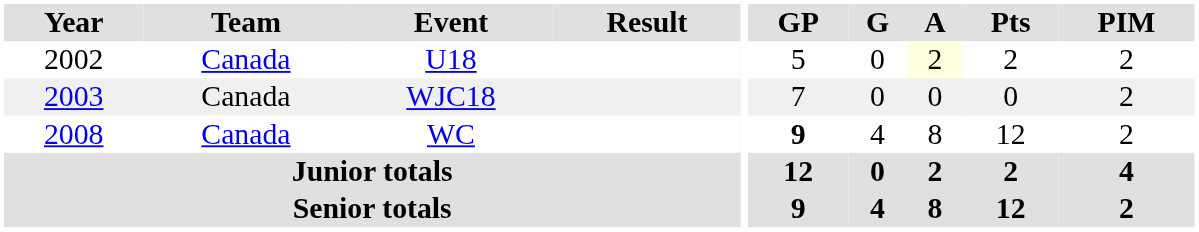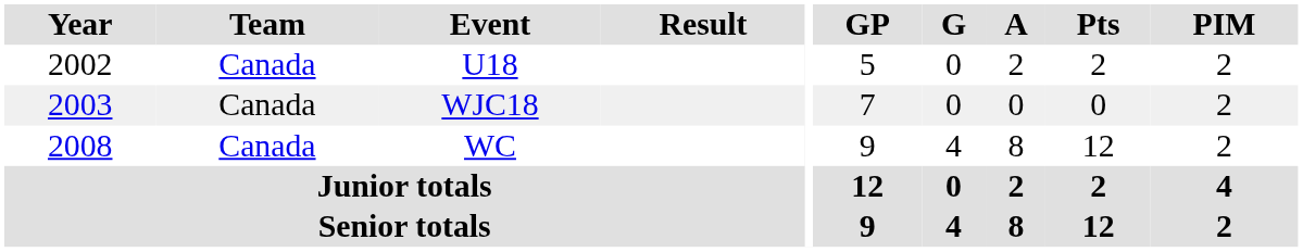 <table border="0" cellpadding="1" cellspacing="0" ID="Table3" style="text-align:center; width:40em">
 <tr ALIGN="centre" bgcolor="#e0e0e0">
 <th>Year</th>
 <th>Team</th>
 <th>Event</th>
 <th>Result</th>
 <th rowspan="99" bgcolor="#ffffff"></th>
 <th>GP</th>
 <th>G</th>
 <th>A</th>
 <th>Pts</th>
 <th>PIM</th>
 </tr>
 <tr>
 <td>2002</td>
 <td><a href='#'>Canada</a></td>
 <td><a href='#'>U18</a></td>
 <td></td>
 <td>5</td>
 <td>0</td>
-<td style="background: lightyellow;">2</td>
+<td>2</td>
 <td>2</td>
 <td>2</td>
 </tr>
 <tr bgcolor="#f0f0f0">
 <td><a href='#'>2003</a></td>
 <td>Canada</td>
 <td><a href='#'>WJC18</a></td>
 <td></td>
 <td>7</td>
 <td>0</td>
 <td>0</td>
 <td>0</td>
 <td>2</td>
 </tr>
 <tr>
 <td><a href='#'>2008</a></td>
 <td><a href='#'>Canada</a></td>
 <td><a href='#'>WC</a></td>
 <td></td>
-<td><strong>9</strong></td>
+<td>9</td>
 <td>4</td>
 <td>8</td>
 <td>12</td>
 <td>2</td>
 </tr>
 <tr bgcolor="#e0e0e0">
 <th colspan=4>Junior totals</th>
 <th>12</th>
 <th>0</th>
 <th>2</th>
 <th>2</th>
 <th>4</th>
 </tr>
 <tr bgcolor="#e0e0e0">
 <th colspan=4>Senior totals</th>
 <th>9</th>
 <th>4</th>
 <th>8</th>
 <th>12</th>
 <th>2</th>
 </tr>
 </table>
